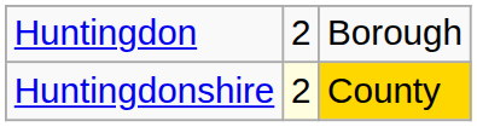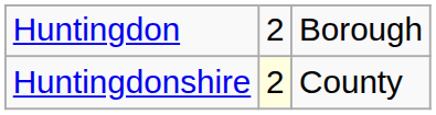 <table class="wikitable sortable">
 <tr>
 <td><a href='#'>Huntingdon</a></td>
 <td align="center">2</td>
 <td>Borough</td>
 </tr>
 <tr>
 <td><a href='#'>Huntingdonshire</a></td>
 <td align="center" style="background: lightyellow;">2</td>
-<td style="background: gold;">County</td>
+<td>County</td>
 </tr>
 </table>
